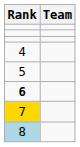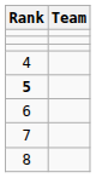 <table class="wikitable">
 <tr>
 <th>Rank</th>
 <th>Team</th>
 </tr>
 <tr>
 <td align=center></td>
 <td></td>
 </tr>
 <tr>
 <td align=center></td>
 <td></td>
 </tr>
 <tr>
 <td align=center></td>
 <td></td>
 </tr>
 <tr>
 <td align=center>4</td>
 <td></td>
 </tr>
 <tr>
-<td align=center>5</td>
+<td align=center><strong>5</strong></td>
 <td></td>
 </tr>
 <tr>
-<td align=center><strong>6</strong></td>
+<td align=center>6</td>
 <td></td>
 </tr>
 <tr>
-<td align=center style="background: gold;">7</td>
+<td align=center>7</td>
 <td></td>
 </tr>
 <tr>
-<td align=center style="background: lightblue;">8</td>
+<td align=center>8</td>
 <td></td>
 </tr>
 </table>
